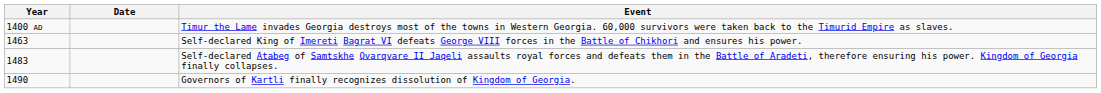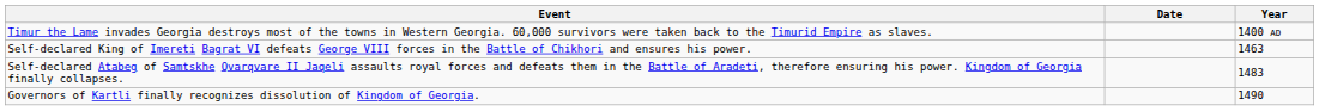 <table class="wikitable" width="100%">
 <tr>
+<th>Event</th>
+<th style="width:10%">Date</th>
 <th style="width:6%">Year</th>
-<th style="width:10%">Date</th>
-<th>Event</th>
 </tr>
 <tr>
+<td><a href='#'>Timur the Lame</a> invades Georgia destroys most of the towns in Western Georgia. 60,000 survivors were taken back to the <a href='#'>Timurid Empire</a> as slaves.</td>
+<td></td>
 <td>1400 <small>AD</small></td>
-<td></td>
-<td><a href='#'>Timur the Lame</a> invades Georgia destroys most of the towns in Western Georgia. 60,000 survivors were taken back to the <a href='#'>Timurid Empire</a> as slaves.</td>
 </tr>
 <tr>
+<td>Self-declared King of <a href='#'>Imereti</a> <a href='#'>Bagrat VI</a> defeats <a href='#'>George VIII</a> forces in the <a href='#'>Battle of Chikhori</a> and ensures his power.</td>
+<td></td>
 <td>1463</td>
-<td></td>
-<td>Self-declared King of <a href='#'>Imereti</a> <a href='#'>Bagrat VI</a> defeats <a href='#'>George VIII</a> forces in the <a href='#'>Battle of Chikhori</a> and ensures his power.</td>
 </tr>
 <tr>
+<td>Self-declared <a href='#'>Atabeg</a> of <a href='#'>Samtskhe</a> <a href='#'>Qvarqvare II Jaqeli</a> assaults royal forces and defeats them in the <a href='#'>Battle of Aradeti</a>, therefore ensuring his power. <a href='#'>Kingdom of Georgia</a> finally collapses.</td>
+<td></td>
 <td>1483</td>
-<td></td>
-<td>Self-declared <a href='#'>Atabeg</a> of <a href='#'>Samtskhe</a> <a href='#'>Qvarqvare II Jaqeli</a> assaults royal forces and defeats them in the <a href='#'>Battle of Aradeti</a>, therefore ensuring his power. <a href='#'>Kingdom of Georgia</a> finally collapses.</td>
 </tr>
 <tr>
+<td>Governors of <a href='#'>Kartli</a> finally recognizes dissolution of <a href='#'>Kingdom of Georgia</a>.</td>
+<td></td>
 <td>1490</td>
-<td></td>
-<td>Governors of <a href='#'>Kartli</a> finally recognizes dissolution of <a href='#'>Kingdom of Georgia</a>.</td>
 </tr>
 </table>
